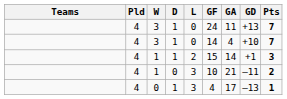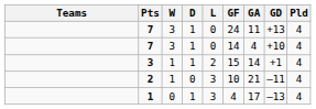 <table class="wikitable" style="text-align: center;">
 <tr>
 <th width=165>Teams</th>
-<th width=20>Pld</th>
+<th width=20>Pts</th>
 <th width=20>W</th>
 <th width=20>D</th>
 <th width=20>L</th>
 <th width=20>GF</th>
 <th width=20>GA</th>
 <th width=20>GD</th>
-<th width=20>Pts</th>
+<th width=20>Pld</th>
 </tr>
 <tr align=center>
 <td style="text-align:left;"></td>
-<td>4</td>
+<td><strong>7</strong></td>
 <td>3</td>
 <td>1</td>
 <td>0</td>
 <td>24</td>
 <td>11</td>
 <td>+13</td>
-<td><strong>7</strong></td>
+<td>4</td>
 </tr>
 <tr align=center>
 <td style="text-align:left;"></td>
-<td>4</td>
+<td><strong>7</strong></td>
 <td>3</td>
 <td>1</td>
 <td>0</td>
 <td>14</td>
 <td>4</td>
 <td>+10</td>
-<td><strong>7</strong></td>
+<td>4</td>
 </tr>
 <tr align=center>
 <td style="text-align:left;"></td>
-<td>4</td>
+<td><strong>3</strong></td>
 <td>1</td>
 <td>1</td>
 <td>2</td>
 <td>15</td>
 <td>14</td>
 <td>+1</td>
-<td><strong>3</strong></td>
+<td>4</td>
 </tr>
 <tr align=center>
 <td style="text-align:left;"></td>
-<td>4</td>
+<td><strong>2</strong></td>
 <td>1</td>
 <td>0</td>
 <td>3</td>
 <td>10</td>
 <td>21</td>
 <td>–11</td>
-<td><strong>2</strong></td>
+<td>4</td>
 </tr>
 <tr align=center>
 <td style="text-align:left;"></td>
-<td>4</td>
+<td><strong>1</strong></td>
 <td>0</td>
 <td>1</td>
 <td>3</td>
 <td>4</td>
 <td>17</td>
 <td>–13</td>
-<td><strong>1</strong></td>
+<td>4</td>
 </tr>
 </table>
